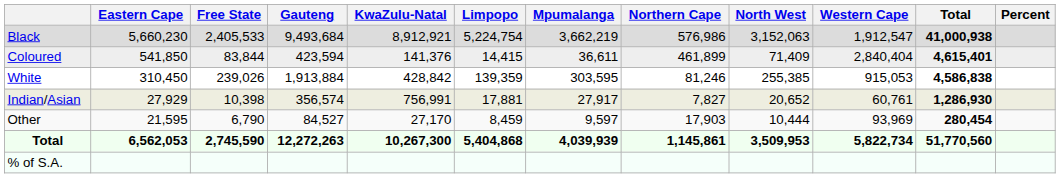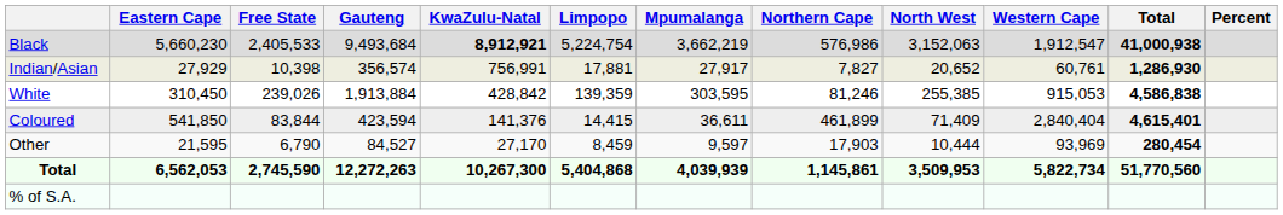 <table class="wikitable" style="width:80%;">
 <tr style="text-align:center">
 <th></th>
 <th><a href='#'>Eastern Cape</a></th>
 <th><a href='#'>Free State</a></th>
 <th><a href='#'>Gauteng</a></th>
 <th><a href='#'>KwaZulu-Natal</a></th>
 <th><a href='#'>Limpopo</a></th>
 <th><a href='#'>Mpumalanga</a></th>
 <th><a href='#'>Northern Cape</a></th>
 <th><a href='#'>North West</a></th>
 <th><a href='#'>Western Cape</a></th>
 <th>Total</th>
 <th>Percent</th>
 </tr>
 <tr style="text-align:right; background:gainsboro;">
 <td style="text-align:left;"><a href='#'>Black</a></td>
 <td>5,660,230</td>
 <td>2,405,533</td>
 <td>9,493,684</td>
-<td>8,912,921</td>
+<td><strong>8,912,921</strong></td>
 <td>5,224,754</td>
 <td>3,662,219</td>
 <td>576,986</td>
 <td>3,152,063</td>
 <td>1,912,547</td>
 <td><strong>41,000,938 </strong></td>
 <td></td>
 </tr>
-<tr style="text-align:right; background:#eee;">
-<td style="text-align:left;"><a href='#'>Coloured</a></td>
-<td>541,850</td>
-<td>83,844</td>
-<td>423,594</td>
-<td>141,376</td>
-<td>14,415</td>
-<td>36,611</td>
-<td>461,899</td>
-<td>71,409</td>
-<td>2,840,404</td>
-<td><strong>4,615,401</strong></td>
+<tr style="text-align:right; background:#EEEEE0">
+<td style="text-align:left; "><a href='#'>Indian</a>/<a href='#'>Asian</a></td>
+<td>27,929</td>
+<td>10,398</td>
+<td>356,574</td>
+<td>756,991</td>
+<td>17,881</td>
+<td>27,917</td>
+<td>7,827</td>
+<td>20,652</td>
+<td>60,761</td>
+<td><strong>1,286,930</strong></td>
 <td></td>
 </tr>
 <tr style="text-align:right; background:white;">
 <td style="text-align:left; "><a href='#'>White</a></td>
 <td>310,450</td>
 <td>239,026</td>
 <td>1,913,884</td>
 <td>428,842</td>
 <td>139,359</td>
 <td>303,595</td>
 <td>81,246</td>
 <td>255,385</td>
 <td>915,053</td>
 <td><strong>4,586,838</strong></td>
 <td></td>
 </tr>
-<tr style="text-align:right; background:#EEEEE0">
-<td style="text-align:left; "><a href='#'>Indian</a>/<a href='#'>Asian</a></td>
-<td>27,929</td>
-<td>10,398</td>
-<td>356,574</td>
-<td>756,991</td>
-<td>17,881</td>
-<td>27,917</td>
-<td>7,827</td>
-<td>20,652</td>
-<td>60,761</td>
-<td><strong>1,286,930</strong></td>
+<tr style="text-align:right; background:#eee;">
+<td style="text-align:left;"><a href='#'>Coloured</a></td>
+<td>541,850</td>
+<td>83,844</td>
+<td>423,594</td>
+<td>141,376</td>
+<td>14,415</td>
+<td>36,611</td>
+<td>461,899</td>
+<td>71,409</td>
+<td>2,840,404</td>
+<td><strong>4,615,401</strong></td>
 <td></td>
 </tr>
 <tr style="text-align:right;">
 <td style="text-align:left; ">Other</td>
 <td>21,595</td>
 <td>6,790</td>
 <td>84,527</td>
 <td>27,170</td>
 <td>8,459</td>
 <td>9,597</td>
 <td>17,903</td>
 <td>10,444</td>
 <td>93,969</td>
 <td><strong>280,454</strong></td>
 <td></td>
 </tr>
 <tr style="text-align:right; background:honeydew;">
 <td style="text-align:center;"><strong>Total</strong></td>
 <td><strong>6,562,053 </strong></td>
 <td><strong>2,745,590</strong></td>
 <td><strong>12,272,263</strong></td>
 <td><strong>10,267,300</strong></td>
 <td><strong>5,404,868</strong></td>
 <td><strong>4,039,939</strong></td>
 <td><strong>1,145,861</strong></td>
 <td><strong>3,509,953</strong></td>
 <td><strong>5,822,734</strong></td>
 <td><strong>51,770,560</strong></td>
 <td></td>
 </tr>
 <tr style="text-align:right; background:mintcream;">
 <td style="text-align:left;">% of S.A.</td>
 <td></td>
 <td></td>
 <td></td>
 <td></td>
 <td></td>
 <td></td>
 <td></td>
 <td></td>
 <td></td>
 <td></td>
 <td></td>
 </tr>
 </table>
